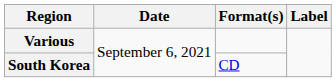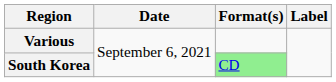 <table class="wikitable plainrowheaders">
 <tr>
 <th scope="col">Region</th>
 <th scope="col">Date</th>
 <th scope="col">Format(s)</th>
 <th scope="col">Label</th>
 </tr>
 <tr>
 <th scope="row">Various</th>
 <td rowspan="2">September 6, 2021</td>
 <td></td>
 <td rowspan="2"></td>
 </tr>
 <tr>
 <th scope="row">South Korea</th>
-<td><a href='#'>CD</a></td>
+<td style="background: lightgreen;"><a href='#'>CD</a></td>
 </tr>
 </table>
